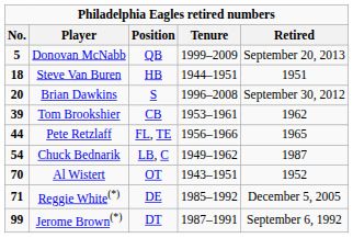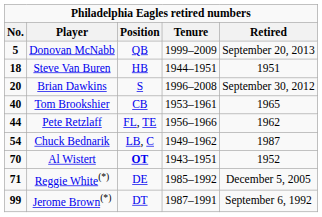 <table class="wikitable sortable" style="text-align:center">
 <tr>
 <td colspan="5"><strong>Philadelphia Eagles retired numbers</strong></td>
 </tr>
 <tr>
 <th>No.</th>
 <th>Player</th>
 <th>Position</th>
 <th>Tenure</th>
 <th>Retired</th>
 </tr>
 <tr>
 <td><strong>5</strong></td>
 <td><a href='#'>Donovan McNabb</a></td>
 <td><a href='#'>QB</a></td>
 <td>1999–2009</td>
 <td>September 20, 2013</td>
 </tr>
 <tr>
 <td><strong>18</strong></td>
 <td><a href='#'>Steve Van Buren</a></td>
 <td><a href='#'>HB</a></td>
 <td>1944–1951</td>
 <td>1951</td>
 </tr>
 <tr>
 <td><strong>20</strong></td>
 <td><a href='#'>Brian Dawkins</a></td>
 <td><a href='#'>S</a></td>
 <td>1996–2008</td>
 <td>September 30, 2012</td>
 </tr>
 <tr>
-<td><strong>39</strong></td>
+<td><strong>40</strong></td>
 <td><a href='#'>Tom Brookshier</a></td>
 <td><a href='#'>CB</a></td>
 <td>1953–1961</td>
-<td>1962</td>
+<td>1965</td>
 </tr>
 <tr>
 <td><strong>44</strong></td>
 <td><a href='#'>Pete Retzlaff</a></td>
 <td><a href='#'>FL</a>, <a href='#'>TE</a></td>
 <td>1956–1966</td>
-<td>1965</td>
+<td>1962</td>
 </tr>
 <tr>
 <td><strong>54</strong></td>
 <td><a href='#'>Chuck Bednarik</a></td>
 <td><a href='#'>LB</a>, <a href='#'>C</a></td>
 <td>1949–1962</td>
 <td>1987</td>
 </tr>
 <tr>
 <td><strong>70</strong></td>
 <td><a href='#'>Al Wistert</a></td>
-<td><a href='#'>OT</a></td>
+<td><strong><a href='#'>OT</a></strong></td>
 <td>1943–1951</td>
 <td>1952</td>
 </tr>
 <tr>
 <td><strong>71</strong></td>
 <td><a href='#'>Reggie White</a><sup>(*)</sup></td>
 <td><a href='#'>DE</a></td>
 <td>1985–1992</td>
 <td>December 5, 2005</td>
 </tr>
 <tr>
 <td><strong>99</strong></td>
 <td><a href='#'>Jerome Brown</a><sup>(*)</sup></td>
 <td><a href='#'>DT</a></td>
 <td>1987–1991</td>
 <td>September 6, 1992</td>
 </tr>
 </table>
